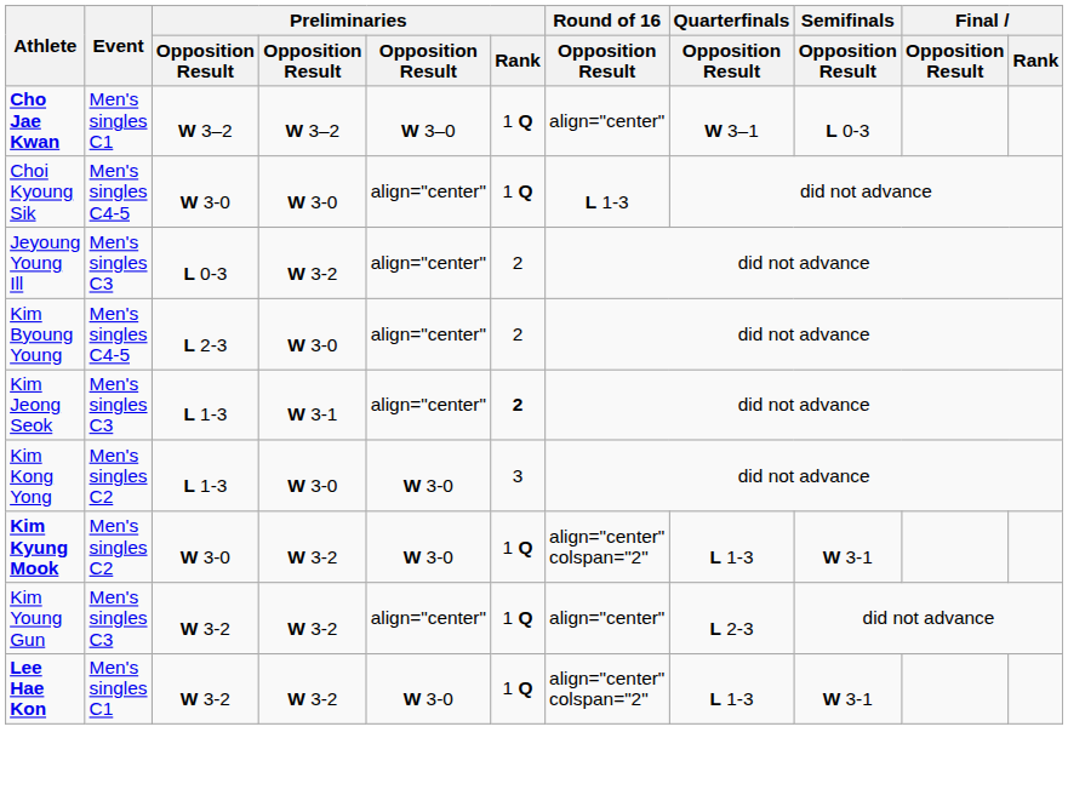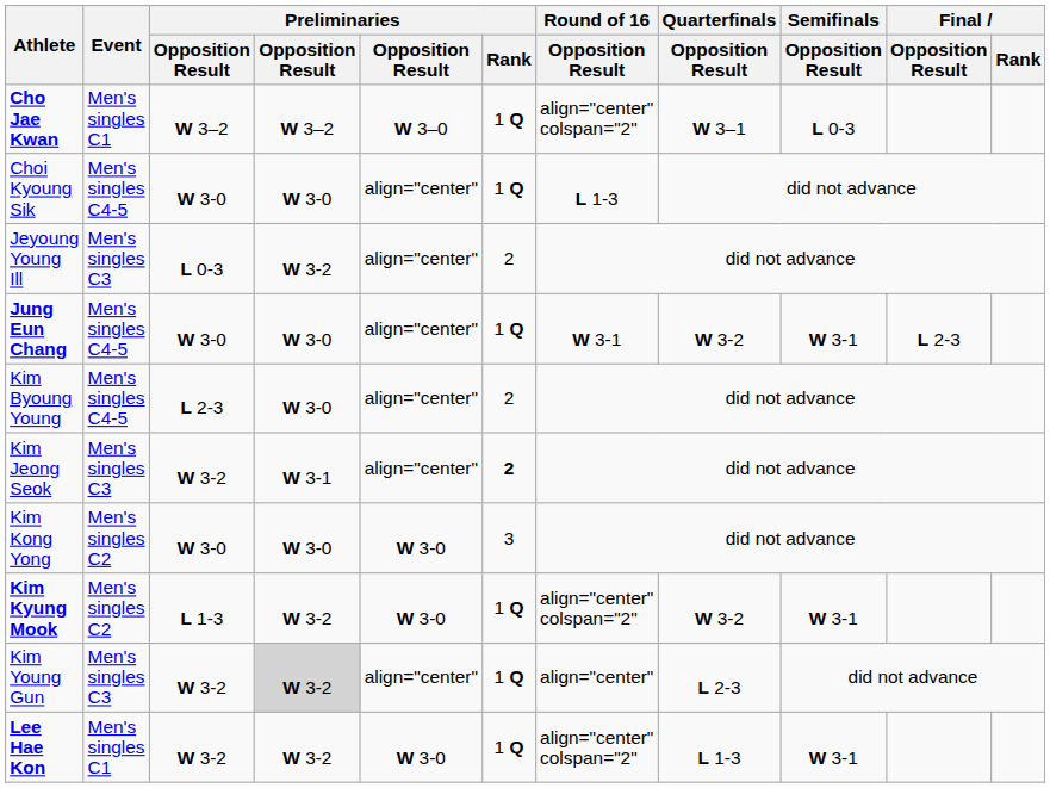 <table class=wikitable style="font-size:90%">
 <tr>
 <th rowspan="2">Athlete</th>
 <th rowspan="2">Event</th>
 <th colspan="4">Preliminaries</th>
 <th>Round of 16</th>
 <th>Quarterfinals</th>
 <th>Semifinals</th>
 <th colspan="2">Final / </th>
 </tr>
 <tr>
 <th>Opposition<br>Result</th>
 <th>Opposition<br>Result</th>
 <th>Opposition<br>Result</th>
 <th>Rank</th>
 <th>Opposition<br>Result</th>
 <th>Opposition<br>Result</th>
 <th>Opposition<br>Result</th>
 <th>Opposition<br>Result</th>
 <th>Rank</th>
 </tr>
 <tr>
 <td><strong><a href='#'>Cho Jae Kwan</a></strong></td>
 <td><a href='#'>Men's singles C1</a></td>
 <td align="center"><br><strong>W</strong> 3–2</td>
 <td align="center"><br><strong>W</strong> 3–2</td>
 <td align="center"><br><strong>W</strong> 3–0</td>
 <td align="center">1 <strong>Q</strong></td>
-<td>align="center" </td>
+<td>align="center" colspan="2" </td>
 <td align="center"><br><strong>W</strong> 3–1</td>
 <td align="center"><br><strong>L</strong> 0-3</td>
 <td align="center"></td>
 </tr>
 <tr>
 <td><a href='#'>Choi Kyoung Sik</a></td>
 <td><a href='#'>Men's singles C4-5</a></td>
 <td align="center"><br><strong>W</strong> 3-0</td>
 <td align="center"><br><strong>W</strong> 3-0</td>
 <td>align="center" </td>
 <td align="center">1 <strong>Q</strong></td>
 <td align="center"><br><strong>L</strong> 1-3</td>
 <td align="center" colspan="4">did not advance</td>
 </tr>
 <tr>
 <td><a href='#'>Jeyoung Young Ill</a></td>
 <td><a href='#'>Men's singles C3</a></td>
 <td align="center"><br><strong>L</strong> 0-3</td>
 <td align="center"><br><strong>W</strong> 3-2</td>
 <td>align="center" </td>
 <td align="center">2</td>
 <td align="center" colspan="5">did not advance</td>
 </tr>
 <tr>
+<td><strong><a href='#'>Jung Eun Chang</a></strong></td>
+<td><a href='#'>Men's singles C4-5</a></td>
+<td align="center"><br><strong>W</strong> 3-0</td>
+<td align="center"><br><strong>W</strong> 3-0</td>
+<td>align="center" </td>
+<td align="center">1 <strong>Q</strong></td>
+<td align="center"><br><strong>W</strong> 3-1</td>
+<td align="center"><br><strong>W</strong> 3-2</td>
+<td align="center"><br><strong>W</strong> 3-1</td>
+<td align="center"><br><strong>L</strong> 2-3</td>
+<td align="center"></td>
+</tr>
+<tr>
 <td><a href='#'>Kim Byoung Young</a></td>
 <td><a href='#'>Men's singles C4-5</a></td>
 <td align="center"><br><strong>L</strong> 2-3</td>
 <td align="center"><br><strong>W</strong> 3-0</td>
 <td>align="center" </td>
 <td align="center">2</td>
 <td align="center" colspan="5">did not advance</td>
 </tr>
 <tr>
 <td><a href='#'>Kim Jeong Seok</a></td>
 <td><a href='#'>Men's singles C3</a></td>
-<td align="center"><br><strong>L</strong> 1-3</td>
+<td align="center"><br><strong>W</strong> 3-2</td>
 <td align="center"><br><strong>W</strong> 3-1</td>
 <td>align="center" </td>
 <td align="center"><strong>2</strong></td>
 <td align="center" colspan="5">did not advance</td>
 </tr>
 <tr>
 <td><a href='#'>Kim Kong Yong</a></td>
 <td><a href='#'>Men's singles C2</a></td>
-<td align="center"><br><strong>L</strong> 1-3</td>
+<td align="center"><br><strong>W</strong> 3-0</td>
 <td align="center"><br><strong>W</strong> 3-0</td>
 <td align="center"><br><strong>W</strong> 3-0</td>
 <td align="center">3</td>
 <td align="center" colspan="5">did not advance</td>
 </tr>
 <tr>
 <td><strong><a href='#'>Kim Kyung Mook</a></strong></td>
 <td><a href='#'>Men's singles C2</a></td>
-<td align="center"><br><strong>W</strong> 3-0</td>
+<td align="center"><br><strong>L</strong> 1-3</td>
 <td align="center"><br><strong>W</strong> 3-2</td>
 <td align="center"><br><strong>W</strong> 3-0</td>
 <td align="center">1 <strong>Q</strong></td>
 <td>align="center" colspan="2" </td>
-<td align="center"><br><strong>L</strong> 1-3</td>
+<td align="center"><br><strong>W</strong> 3-2</td>
 <td align="center"><br><strong>W</strong> 3-1</td>
 <td align="center"></td>
 </tr>
 <tr>
 <td><a href='#'>Kim Young Gun</a></td>
 <td><a href='#'>Men's singles C3</a></td>
 <td align="center"><br><strong>W</strong> 3-2</td>
-<td align="center"><br><strong>W</strong> 3-2</td>
+<td align="center" style="background: lightgrey;"><br><strong>W</strong> 3-2</td>
 <td>align="center" </td>
 <td align="center">1 <strong>Q</strong></td>
 <td>align="center" </td>
 <td align="center"><br><strong>L</strong> 2-3</td>
 <td align="center" colspan="3">did not advance</td>
 </tr>
 <tr>
 <td><strong><a href='#'>Lee Hae Kon</a></strong></td>
 <td><a href='#'>Men's singles C1</a></td>
 <td align="center"><br><strong>W</strong> 3-2</td>
 <td align="center"><br><strong>W</strong> 3-2</td>
 <td align="center"><br><strong>W</strong> 3-0</td>
 <td align="center">1 <strong>Q</strong></td>
 <td>align="center" colspan="2" </td>
 <td align="center"><br><strong>L</strong> 1-3</td>
 <td align="center"><br><strong>W</strong> 3-1</td>
 <td align="center"></td>
 </tr>
 </table>
